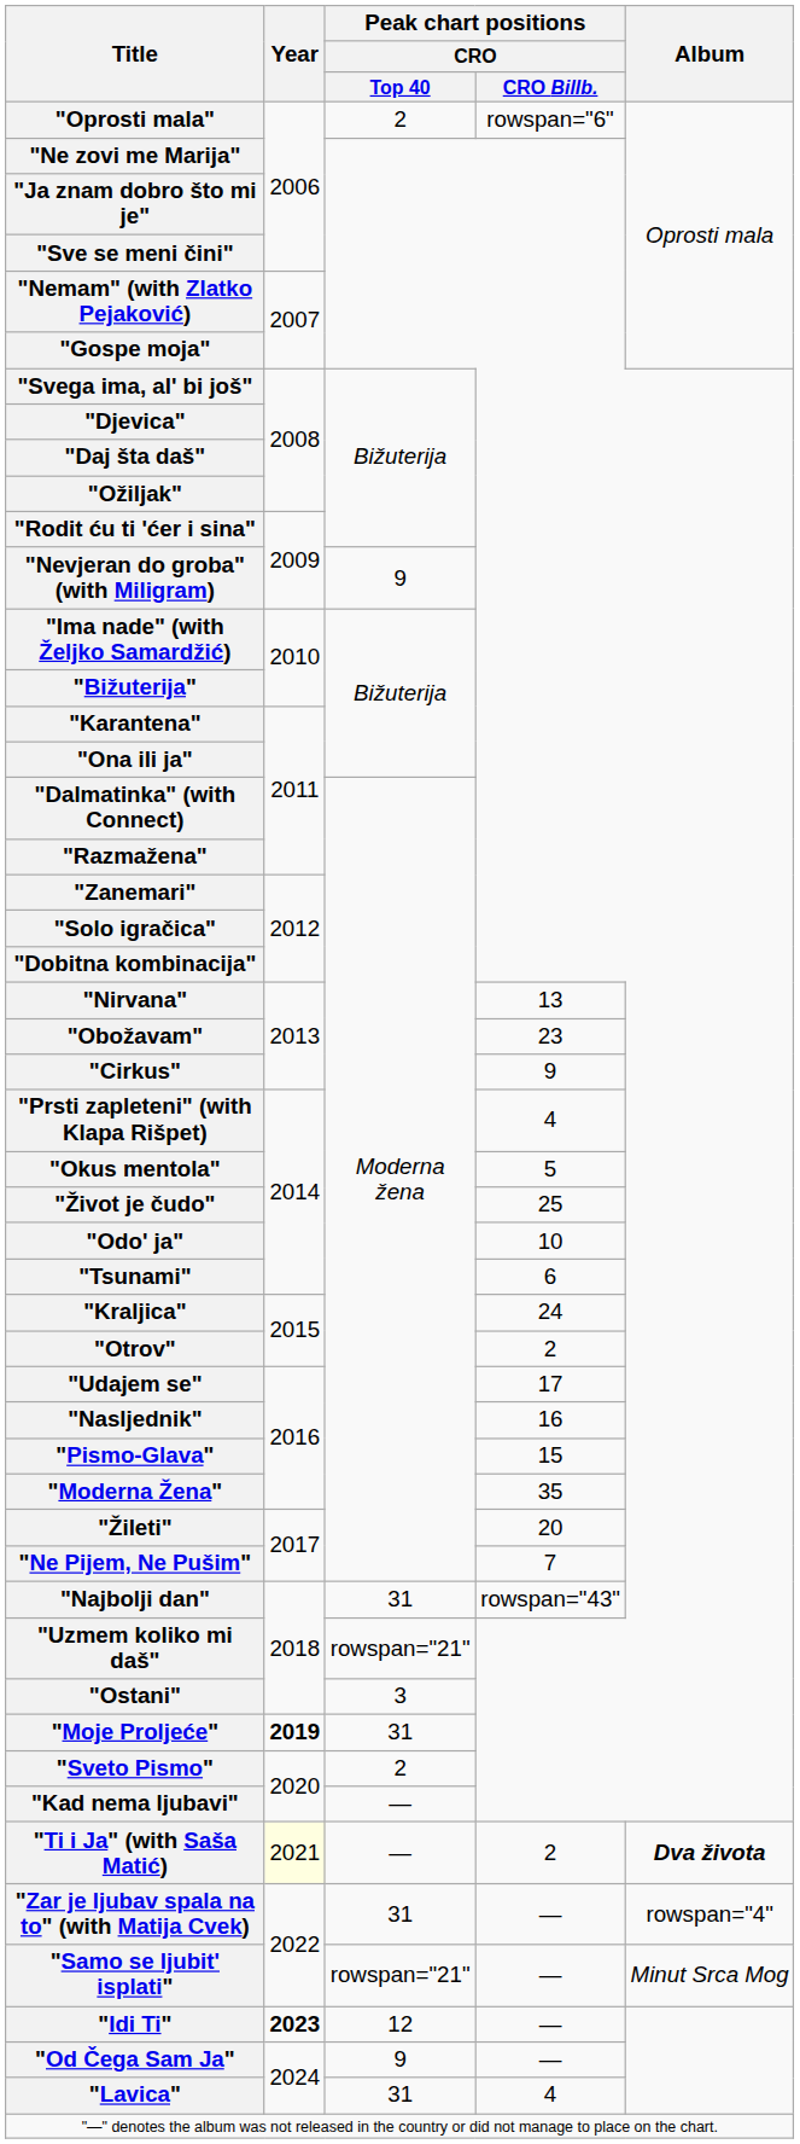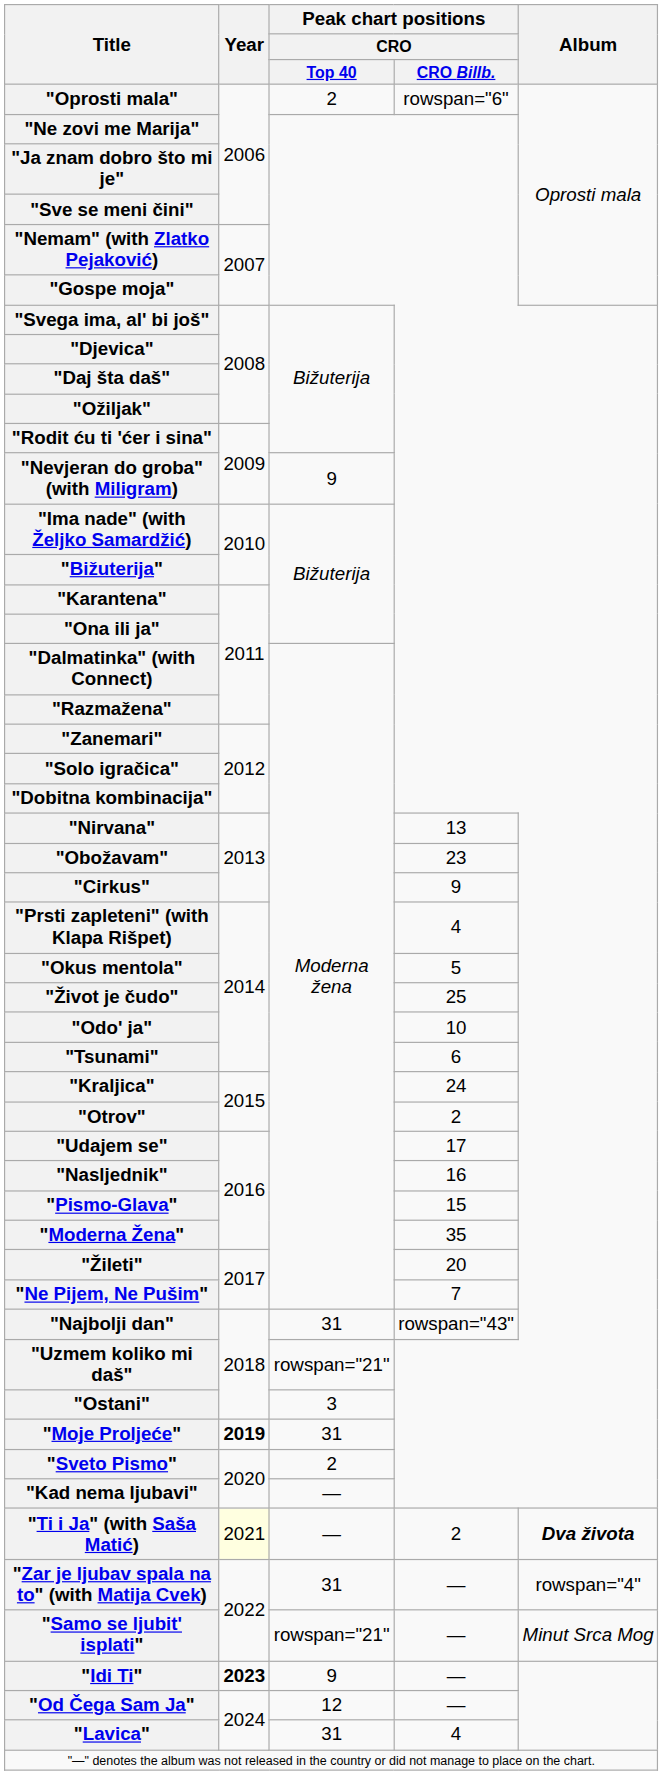 <table class="wikitable plainrowheaders" style="text-align:center;">
 <tr>
 <th rowspan="3" scope="col" style="width:11em;">Title</th>
 <th rowspan="3" scope="col">Year</th>
 <th colspan="2" scope="col">Peak chart positions</th>
 <th rowspan="3" scope="col">Album</th>
 </tr>
 <tr>
 <th colspan="2" style="width:2.5em; font-size:85%">CRO</th>
 </tr>
 <tr>
 <th style="width:2.5em; font-size:85%"><a href='#'>Top 40</a><br></th>
 <th style="width:2.5em; font-size:85%"><a href='#'>CRO <em>Billb.</em></a><br></th>
 </tr>
 <tr>
 <th scope="row">"Oprosti mala"</th>
 <td rowspan="4">2006</td>
 <td>2</td>
 <td>rowspan="6" </td>
 <td rowspan="6"><em>Oprosti mala</em></td>
 </tr>
 <tr>
 <th scope="row">"Ne zovi me Marija"</th>
 </tr>
 <tr>
 <th scope="row">"Ja znam dobro što mi je"</th>
 </tr>
 <tr>
 <th scope="row">"Sve se meni čini"</th>
 </tr>
 <tr>
 <th scope="row">"Nemam" <span>(with <a href='#'>Zlatko Pejaković</a>)</span></th>
 <td rowspan="2">2007</td>
 </tr>
 <tr>
 <th scope="row">"Gospe moja"</th>
 </tr>
 <tr>
 <th scope="row">"Svega ima, al' bi još"</th>
 <td rowspan="4">2008</td>
 <td rowspan="5"><em>Bižuterija</em></td>
 </tr>
 <tr>
 <th scope="row">"Djevica"</th>
 </tr>
 <tr>
 <th scope="row">"Daj šta daš"</th>
 </tr>
 <tr>
 <th scope="row">"Ožiljak"</th>
 </tr>
 <tr>
 <th scope="row">"Rodit ću ti 'ćer i sina"</th>
 <td rowspan="2">2009</td>
 </tr>
 <tr>
 <th scope="row">"Nevjeran do groba" <span>(with <a href='#'>Miligram</a>)</span></th>
 <td>9</td>
 </tr>
 <tr>
 <th scope="row">"Ima nade" <span>(with <a href='#'>Željko Samardžić</a>)</span></th>
 <td rowspan="2">2010</td>
 <td rowspan="4"><em>Bižuterija</em></td>
 </tr>
 <tr>
 <th scope="row">"<a href='#'>Bižuterija</a>"</th>
 </tr>
 <tr>
 <th scope="row">"Karantena"</th>
 <td rowspan="4">2011</td>
 </tr>
 <tr>
 <th scope="row">"Ona ili ja"</th>
 </tr>
 <tr>
 <th scope="row">"Dalmatinka" <span>(with Connect)</span></th>
 <td rowspan="21"><em>Moderna žena</em></td>
 </tr>
 <tr>
 <th scope="row">"Razmažena"</th>
 </tr>
 <tr>
 <th scope="row">"Zanemari"</th>
 <td rowspan="3">2012</td>
 </tr>
 <tr>
 <th scope="row">"Solo igračica"</th>
 </tr>
 <tr>
 <th scope="row">"Dobitna kombinacija"</th>
 </tr>
 <tr>
 <th scope="row">"Nirvana"</th>
 <td rowspan="3">2013</td>
 <td>13</td>
 </tr>
 <tr>
 <th scope="row">"Obožavam"</th>
 <td>23</td>
 </tr>
 <tr>
 <th scope="row">"Cirkus"</th>
 <td>9</td>
 </tr>
 <tr>
 <th scope="row">"Prsti zapleteni" <span>(with Klapa Rišpet)</span></th>
 <td rowspan="5">2014</td>
 <td>4</td>
 </tr>
 <tr>
 <th scope="row">"Okus mentola"</th>
 <td>5</td>
 </tr>
 <tr>
 <th scope="row">"Život je čudo"</th>
 <td>25</td>
 </tr>
 <tr>
 <th scope="row">"Odo' ja"</th>
 <td>10</td>
 </tr>
 <tr>
 <th scope="row">"Tsunami"</th>
 <td>6</td>
 </tr>
 <tr>
 <th scope="row">"Kraljica"</th>
 <td rowspan="2">2015</td>
 <td>24</td>
 </tr>
 <tr>
 <th scope="row">"Otrov"</th>
 <td>2</td>
 </tr>
 <tr>
 <th scope="row">"Udajem se"</th>
 <td rowspan="4">2016</td>
 <td>17</td>
 </tr>
 <tr>
 <th scope="row">"Nasljednik"</th>
 <td>16</td>
 </tr>
 <tr>
 <th scope="row">"<a href='#'>Pismo-Glava</a>"</th>
 <td>15</td>
 </tr>
 <tr>
 <th scope="row">"<a href='#'>Moderna Žena</a>"</th>
 <td>35</td>
 </tr>
 <tr>
 <th scope="row">"Žileti"</th>
 <td rowspan="2">2017</td>
 <td>20</td>
 </tr>
 <tr>
 <th scope="row">"<a href='#'>Ne Pijem, Ne Pušim</a>"</th>
 <td>7</td>
 </tr>
 <tr>
 <th scope="row">"Najbolji dan"</th>
 <td rowspan="3">2018</td>
 <td>31</td>
 <td>rowspan="43" </td>
 </tr>
 <tr>
 <th scope="row">"Uzmem koliko mi daš"</th>
 <td>rowspan="21" </td>
 </tr>
 <tr>
 <th scope="row">"Ostani"</th>
 <td>3</td>
 </tr>
 <tr>
 <th scope="row">"<a href='#'>Moje Proljeće</a>"</th>
 <td><strong>2019</strong></td>
 <td>31</td>
 </tr>
 <tr>
 <th scope="row">"<a href='#'>Sveto Pismo</a>"</th>
 <td rowspan="2">2020</td>
 <td>2</td>
 </tr>
 <tr>
 <th scope="row">"Kad nema ljubavi"</th>
 <td>—</td>
 </tr>
 <tr>
 <th scope="row">"<a href='#'>Ti i Ja</a>" <span>(with <a href='#'>Saša Matić</a>)</span></th>
 <td style="background: lightyellow;">2021</td>
 <td>—</td>
 <td>2</td>
 <td><strong><em>Dva života</em></strong></td>
 </tr>
 <tr>
 <th scope="row">"<a href='#'>Zar je ljubav spala na to</a>" <span>(with <a href='#'>Matija Cvek</a>)</span></th>
 <td rowspan="2">2022</td>
 <td>31</td>
 <td>—</td>
 <td>rowspan="4" </td>
 </tr>
 <tr>
 <th scope="row">"<a href='#'>Samo se ljubit' isplati</a>"</th>
 <td>rowspan="21" </td>
 <td>—</td>
 <td><em>Minut Srca Mog</em></td>
 </tr>
 <tr>
 <th scope="row">"<a href='#'>Idi Ti</a>"</th>
 <td rowspan="1"><strong>2023</strong></td>
-<td>12</td>
+<td>9</td>
 <td>—</td>
 </tr>
 <tr>
 <th scope="row">"<a href='#'>Od Čega Sam Ja</a>"</th>
 <td rowspan="2">2024</td>
-<td>9</td>
+<td>12</td>
 <td>—</td>
 </tr>
 <tr>
 <th scope="row">"<a href='#'>Lavica</a>"</th>
 <td>31</td>
 <td>4</td>
 </tr>
 <tr>
 <td align="center" colspan="6" style="font-size: 8pt">"—" denotes the album was not released in the country or did not manage to place on the chart.</td>
 </tr>
 </table>
